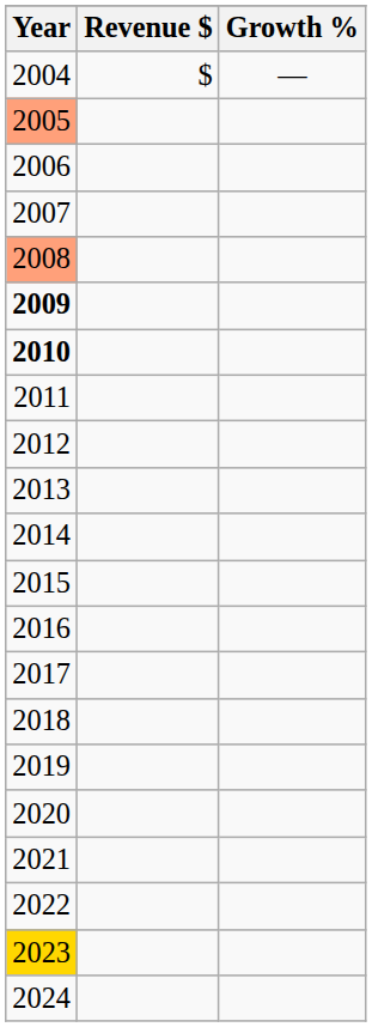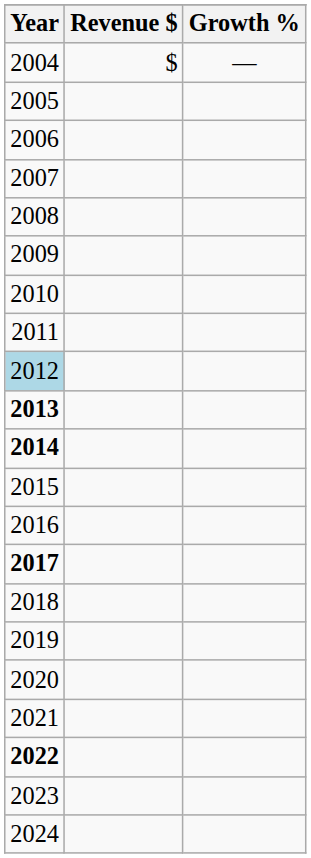 <table class="wikitable sortable floatright" style="text-align:right;">
 <tr>
 </tr>
 <tr>
 <th>Year</th>
 <th>Revenue $</th>
 <th>Growth %</th>
 </tr>
 <tr>
 <td>2004</td>
 <td>$</td>
 <td style="text-align:center;">—</td>
 </tr>
 <tr>
-<td style="background: lightsalmon;">2005</td>
+<td>2005</td>
 <td></td>
 <td></td>
 </tr>
 <tr>
 <td>2006</td>
 <td></td>
 <td></td>
 </tr>
 <tr>
 <td>2007</td>
 <td></td>
 <td></td>
 </tr>
 <tr>
-<td style="background: lightsalmon;">2008</td>
+<td>2008</td>
 <td></td>
 <td></td>
 </tr>
 <tr>
-<td><strong>2009</strong></td>
+<td>2009</td>
 <td></td>
 <td></td>
 </tr>
 <tr>
-<td><strong>2010</strong></td>
+<td>2010</td>
 <td></td>
 <td></td>
 </tr>
 <tr>
 <td>2011</td>
 <td></td>
 <td></td>
 </tr>
 <tr>
-<td>2012</td>
+<td style="background: lightblue;">2012</td>
 <td></td>
 <td></td>
 </tr>
 <tr>
-<td>2013</td>
+<td><strong>2013</strong></td>
 <td></td>
 <td></td>
 </tr>
 <tr>
-<td>2014</td>
+<td><strong>2014</strong></td>
 <td></td>
 <td></td>
 </tr>
 <tr>
 <td>2015</td>
 <td></td>
 <td></td>
 </tr>
 <tr>
 <td>2016</td>
 <td></td>
 <td></td>
 </tr>
 <tr>
-<td>2017</td>
+<td><strong>2017</strong></td>
 <td></td>
 <td></td>
 </tr>
 <tr>
 <td>2018</td>
 <td></td>
 <td></td>
 </tr>
 <tr>
 <td>2019</td>
 <td></td>
 <td></td>
 </tr>
 <tr>
 <td>2020</td>
 <td></td>
 <td></td>
 </tr>
 <tr>
 <td>2021</td>
 <td></td>
 <td></td>
 </tr>
 <tr>
-<td>2022</td>
+<td><strong>2022</strong></td>
 <td></td>
 <td></td>
 </tr>
 <tr>
-<td style="background: gold;">2023</td>
+<td>2023</td>
 <td></td>
 <td></td>
 </tr>
 <tr>
 <td>2024</td>
 <td></td>
 <td></td>
 </tr>
 </table>
